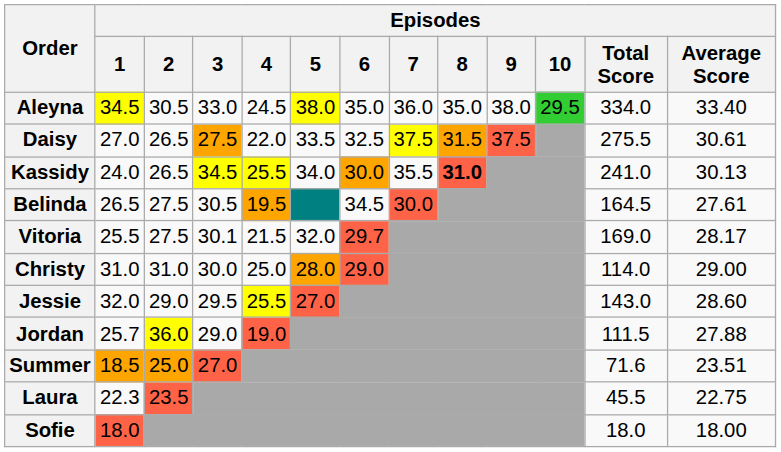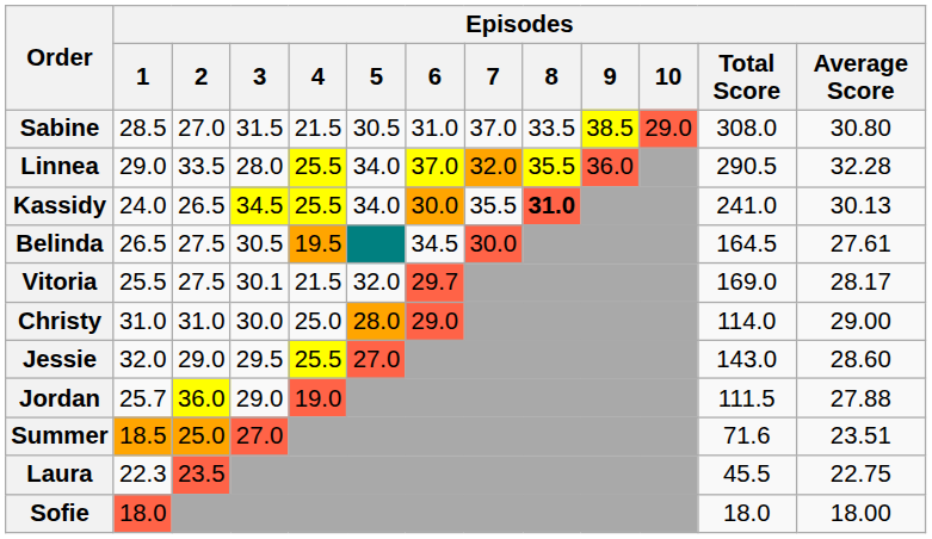 <table class="wikitable sortable" style="text-align:center;">
 <tr>
 <th rowspan=2>Order</th>
 <th colspan=12>Episodes</th>
 </tr>
 <tr>
 <th>1</th>
 <th>2</th>
 <th>3</th>
 <th>4</th>
 <th>5</th>
 <th>6</th>
 <th>7</th>
 <th>8</th>
 <th>9</th>
 <th>10</th>
 <th>Total Score</th>
 <th>Average Score</th>
 </tr>
 <tr>
-<th>Aleyna</th>
-<td style="background:yellow">34.5</td>
+<th>Sabine</th>
+<td>28.5</td>
+<td>27.0</td>
+<td>31.5</td>
+<td>21.5</td>
 <td>30.5</td>
-<td>33.0</td>
-<td>24.5</td>
-<td style="background:yellow">38.0</td>
-<td>35.0</td>
-<td>36.0</td>
-<td>35.0</td>
-<td>38.0</td>
-<td style="background:limegreen">29.5</td>
-<td>334.0</td>
-<td>33.40</td>
+<td>31.0</td>
+<td>37.0</td>
+<td>33.5</td>
+<td style="background:yellow">38.5</td>
+<td style="background:tomato">29.0</td>
+<td>308.0</td>
+<td>30.80</td>
 </tr>
 <tr>
-<th>Daisy</th>
-<td>27.0</td>
-<td>26.5</td>
-<td style="background:orange">27.5</td>
-<td>22.0</td>
+<th>Linnea</th>
+<td>29.0</td>
 <td>33.5</td>
-<td>32.5</td>
-<td style="background:yellow">37.5</td>
-<td style="background:orange">31.5</td>
-<td style="background:tomato">37.5</td>
-<td style="background:darkgray;" colspan="1"></td>
-<td>275.5</td>
-<td>30.61</td>
+<td>28.0</td>
+<td style="background:yellow">25.5</td>
+<td>34.0</td>
+<td style="background:yellow">37.0</td>
+<td style="background:orange">32.0</td>
+<td style="background:yellow">35.5</td>
+<td style="background:tomato">36.0</td>
+<td colspan="1" style="background:darkgray;"></td>
+<td>290.5</td>
+<td>32.28</td>
 </tr>
 <tr>
 <th>Kassidy</th>
 <td>24.0</td>
 <td>26.5</td>
 <td style="background:yellow">34.5</td>
 <td style="background:yellow">25.5</td>
 <td>34.0</td>
 <td style="background:orange">30.0</td>
 <td>35.5</td>
 <td style="background:tomato"><strong>31.0</strong></td>
 <td colspan="2" style="background:darkgray;"></td>
 <td>241.0</td>
 <td>30.13</td>
 </tr>
 <tr>
 <th>Belinda</th>
 <td>26.5</td>
 <td>27.5</td>
 <td>30.5</td>
 <td style="background:orange">19.5</td>
 <td style="background:teal"></td>
 <td>34.5</td>
 <td style="background:tomato">30.0</td>
 <td colspan="3" style="background:darkgray;"></td>
 <td>164.5</td>
 <td>27.61</td>
 </tr>
 <tr>
 <th>Vitoria</th>
 <td>25.5</td>
 <td>27.5</td>
 <td>30.1</td>
 <td>21.5</td>
 <td>32.0</td>
 <td style="background:tomato">29.7</td>
 <td colspan="4" style="background:darkgray;"></td>
 <td>169.0</td>
 <td>28.17</td>
 </tr>
 <tr>
 <th>Christy</th>
 <td>31.0</td>
 <td>31.0</td>
 <td>30.0</td>
 <td>25.0</td>
 <td style="background:orange">28.0</td>
 <td style="background:tomato">29.0</td>
 <td colspan="4" style="background:darkgray;"></td>
 <td>114.0</td>
 <td>29.00</td>
 </tr>
 <tr>
 <th>Jessie</th>
 <td>32.0</td>
 <td>29.0</td>
 <td>29.5</td>
 <td style="background:yellow">25.5</td>
 <td style="background:tomato">27.0</td>
 <td colspan="5" style="background:darkgray;"></td>
 <td>143.0</td>
 <td>28.60</td>
 </tr>
 <tr>
 <th>Jordan</th>
 <td>25.7</td>
 <td style="background:yellow">36.0</td>
 <td>29.0</td>
 <td style="background:tomato">19.0</td>
 <td colspan="6" style="background:darkgray;"></td>
 <td>111.5</td>
 <td>27.88</td>
 </tr>
 <tr>
 <th>Summer</th>
 <td style="background:orange">18.5</td>
 <td style="background:orange">25.0</td>
 <td style="background:tomato">27.0</td>
 <td colspan="7" style="background:darkgray;"></td>
 <td>71.6</td>
 <td>23.51</td>
 </tr>
 <tr>
 <th>Laura</th>
 <td>22.3</td>
 <td style="background:tomato">23.5</td>
 <td colspan="8" style="background:darkgray;"></td>
 <td>45.5</td>
 <td>22.75</td>
 </tr>
 <tr>
 <th>Sofie</th>
 <td style="background:tomato">18.0</td>
 <td colspan="9" style="background:darkgray;"></td>
 <td>18.0</td>
 <td>18.00</td>
 </tr>
 </table>
